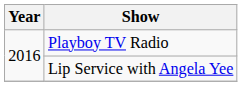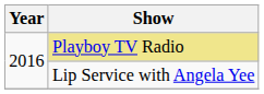 <table class="wikitable sortable">
 <tr>
 <th>Year</th>
 <th>Show</th>
 </tr>
 <tr>
 <td rowspan="2">2016</td>
-<td><a href='#'>Playboy TV</a> Radio</td>
+<td style="background: khaki;"><a href='#'>Playboy TV</a> Radio</td>
 </tr>
 <tr>
 <td>Lip Service with <a href='#'>Angela Yee</a></td>
 </tr>
 <tr>
 </tr>
 </table>
